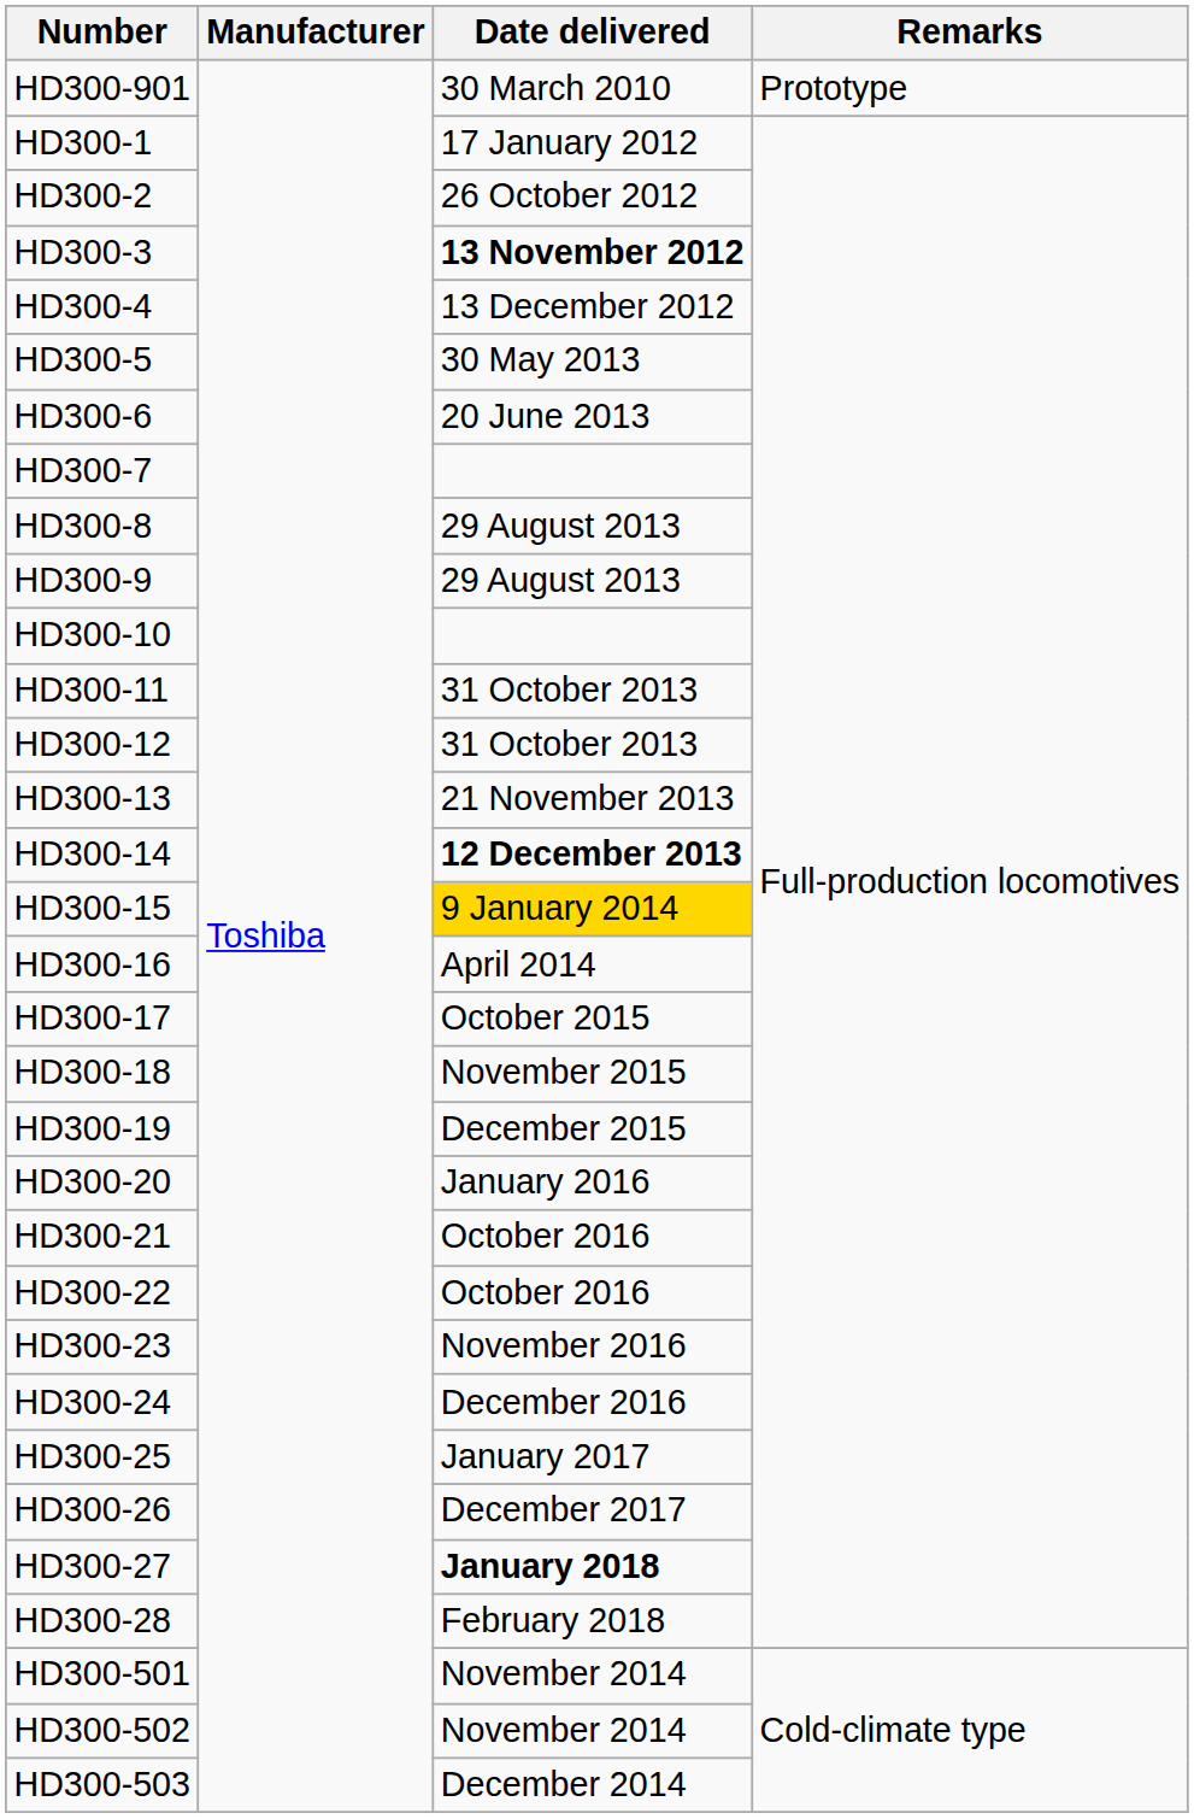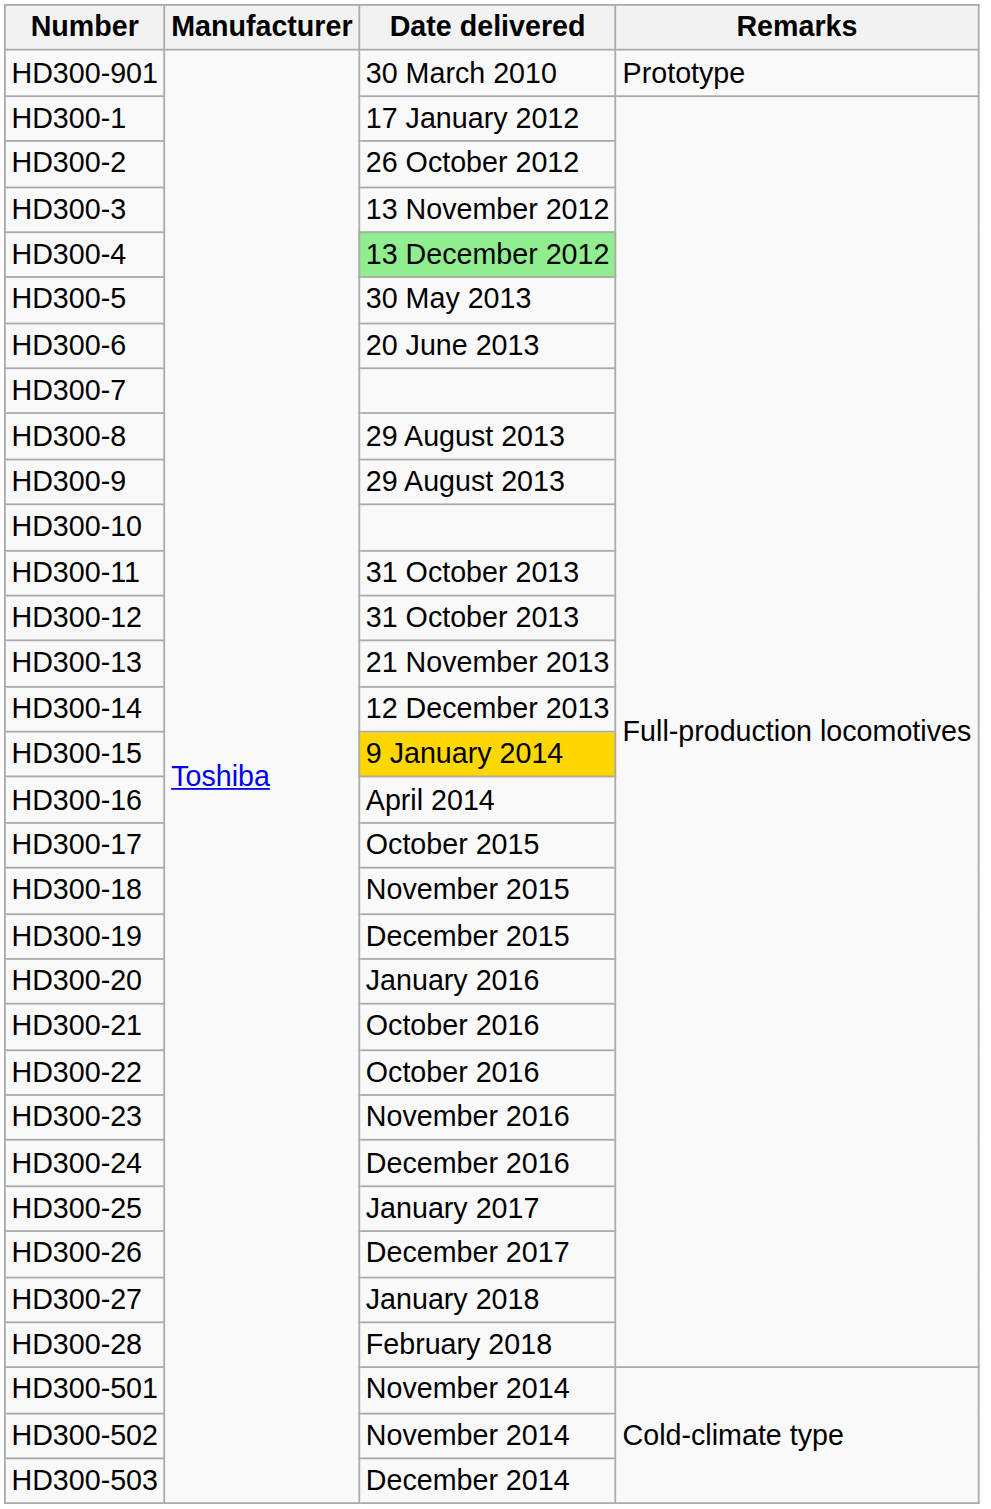 <table class="wikitable">
 <tr>
 <th>Number</th>
 <th>Manufacturer</th>
 <th>Date delivered</th>
 <th>Remarks</th>
 </tr>
 <tr>
 <td>HD300-901</td>
 <td rowspan=32><a href='#'>Toshiba</a></td>
 <td>30 March 2010</td>
 <td>Prototype</td>
 </tr>
 <tr>
 <td>HD300-1</td>
 <td>17 January 2012</td>
 <td rowspan=28>Full-production locomotives</td>
 </tr>
 <tr>
 <td>HD300-2</td>
 <td>26 October 2012</td>
 </tr>
 <tr>
 <td>HD300-3</td>
-<td><strong>13 November 2012</strong></td>
+<td>13 November 2012</td>
 </tr>
 <tr>
 <td>HD300-4</td>
-<td>13 December 2012</td>
+<td style="background: lightgreen;">13 December 2012</td>
 </tr>
 <tr>
 <td>HD300-5</td>
 <td>30 May 2013</td>
 </tr>
 <tr>
 <td>HD300-6</td>
 <td>20 June 2013</td>
 </tr>
 <tr>
 <td>HD300-7</td>
 <td></td>
 </tr>
 <tr>
 <td>HD300-8</td>
 <td>29 August 2013</td>
 </tr>
 <tr>
 <td>HD300-9</td>
 <td>29 August 2013</td>
 </tr>
 <tr>
 <td>HD300-10</td>
 <td></td>
 </tr>
 <tr>
 <td>HD300-11</td>
 <td>31 October 2013</td>
 </tr>
 <tr>
 <td>HD300-12</td>
 <td>31 October 2013</td>
 </tr>
 <tr>
 <td>HD300-13</td>
 <td>21 November 2013</td>
 </tr>
 <tr>
 <td>HD300-14</td>
-<td><strong>12 December 2013</strong></td>
+<td>12 December 2013</td>
 </tr>
 <tr>
 <td>HD300-15</td>
 <td style="background: gold;">9 January 2014</td>
 </tr>
 <tr>
 <td>HD300-16</td>
 <td>April 2014</td>
 </tr>
 <tr>
 <td>HD300-17</td>
 <td>October 2015</td>
 </tr>
 <tr>
 <td>HD300-18</td>
 <td>November 2015</td>
 </tr>
 <tr>
 <td>HD300-19</td>
 <td>December 2015</td>
 </tr>
 <tr>
 <td>HD300-20</td>
 <td>January 2016</td>
 </tr>
 <tr>
 <td>HD300-21</td>
 <td>October 2016</td>
 </tr>
 <tr>
 <td>HD300-22</td>
 <td>October 2016</td>
 </tr>
 <tr>
 <td>HD300-23</td>
 <td>November 2016</td>
 </tr>
 <tr>
 <td>HD300-24</td>
 <td>December 2016</td>
 </tr>
 <tr>
 <td>HD300-25</td>
 <td>January 2017</td>
 </tr>
 <tr>
 <td>HD300-26</td>
 <td>December 2017</td>
 </tr>
 <tr>
 <td>HD300-27</td>
-<td><strong>January 2018</strong></td>
+<td>January 2018</td>
 </tr>
 <tr>
 <td>HD300-28</td>
 <td>February 2018</td>
 </tr>
 <tr>
 <td>HD300-501</td>
 <td>November 2014</td>
 <td rowspan=3>Cold-climate type</td>
 </tr>
 <tr>
 <td>HD300-502</td>
 <td>November 2014</td>
 </tr>
 <tr>
 <td>HD300-503</td>
 <td>December 2014</td>
 </tr>
 </table>
